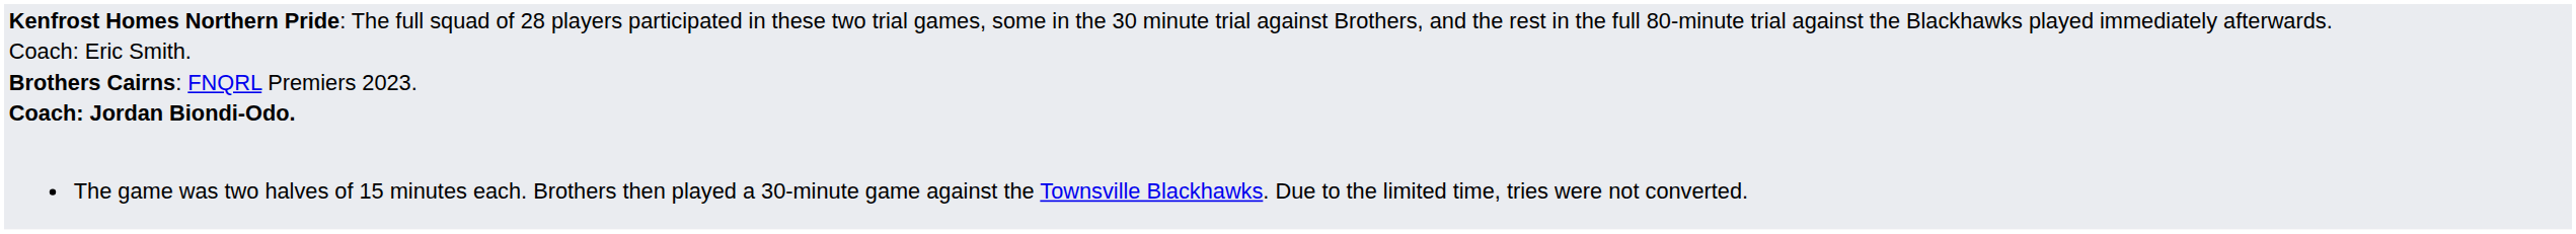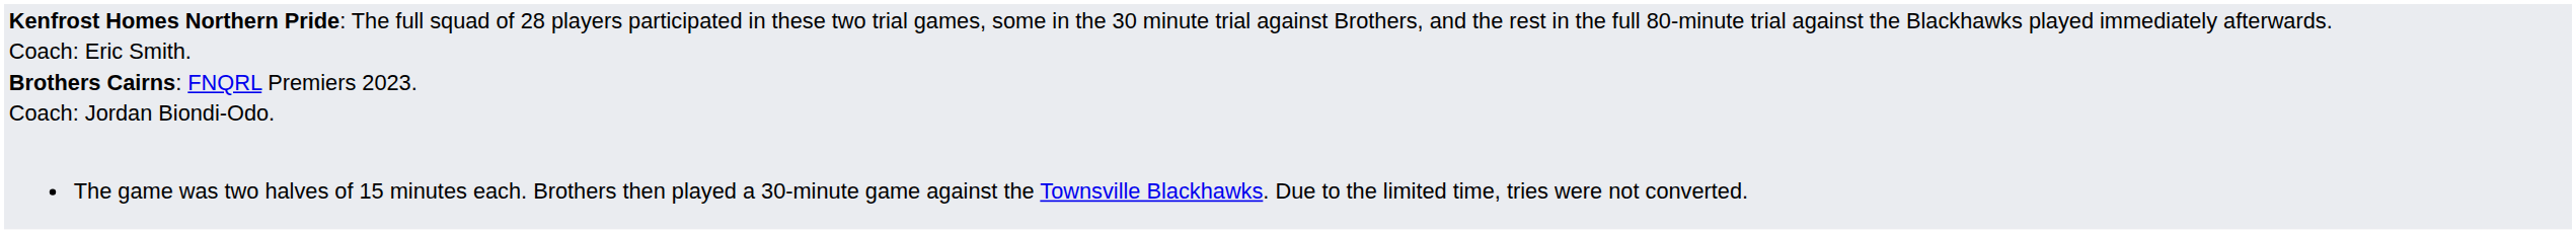 <table style="background:#eaecf0; font-size:85%; width:100%;">
 <tr>
 <td><strong>Kenfrost Homes Northern Pride</strong>: The full squad of 28 players participated in these two trial games, some in the 30 minute trial against Brothers, and the rest in the full 80-minute trial against the Blackhawks played immediately afterwards.</td>
 </tr>
 <tr>
 <td>Coach: Eric Smith.</td>
 </tr>
 <tr>
 <td><strong>Brothers Cairns</strong>: <a href='#'>FNQRL</a> Premiers 2023.</td>
 </tr>
 <tr>
-<td><strong>Coach: Jordan Biondi-Odo.</strong></td>
+<td>Coach: Jordan Biondi-Odo.</td>
 </tr>
 <tr>
 <td><br><ul><li>The game was two halves of 15 minutes each. Brothers then played a 30-minute game against the <a href='#'>Townsville Blackhawks</a>. Due to the limited time, tries were not converted.</li></ul></td>
 </tr>
 </table>
